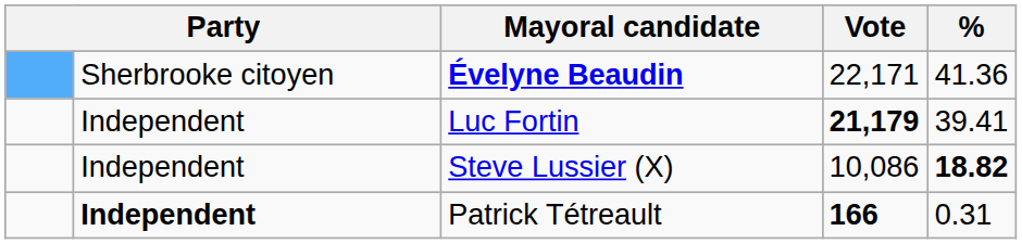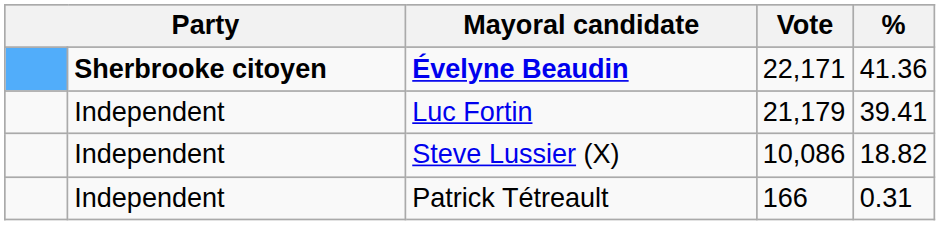 <table class="wikitable">
 <tr>
 <th bgcolor="#DDDDFF" width="230px" colspan="2">Party</th>
 <th bgcolor="#DDDDFF" width="200px">Mayoral candidate</th>
 <th bgcolor="#DDDDFF" width="50px">Vote</th>
 <th bgcolor="#DDDDFF" width="30px">%</th>
 </tr>
 <tr>
 <td bgcolor=#51ADFA width="30px"> </td>
-<td>Sherbrooke citoyen</td>
+<td><strong>Sherbrooke citoyen</strong></td>
 <td><strong><a href='#'>Évelyne Beaudin</a></strong></td>
 <td>22,171</td>
 <td>41.36</td>
 </tr>
 <tr>
 <td> </td>
 <td>Independent</td>
 <td><a href='#'>Luc Fortin</a></td>
-<td><strong>21,179</strong></td>
+<td>21,179</td>
 <td>39.41</td>
 </tr>
 <tr>
 <td> </td>
 <td>Independent</td>
 <td><a href='#'>Steve Lussier</a> (X)</td>
 <td>10,086</td>
-<td><strong>18.82</strong></td>
+<td>18.82</td>
 </tr>
 <tr>
 <td> </td>
-<td><strong>Independent</strong></td>
+<td>Independent</td>
 <td>Patrick Tétreault</td>
-<td><strong>166</strong></td>
+<td>166</td>
 <td>0.31</td>
 </tr>
 </table>
